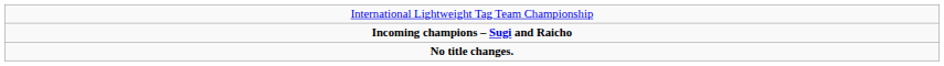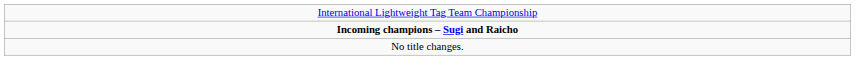 <table class="wikitable" style="text-align:center; width:100%;">
 <tr>
 <td style="text-align: center;"><a href='#'>International Lightweight Tag Team Championship</a></td>
 </tr>
 <tr>
 <td style="text-align: center;"><strong>Incoming champions – <a href='#'>Sugi</a> and Raicho</strong></td>
 </tr>
 <tr>
-<td><strong>No title changes.</strong></td>
+<td>No title changes.</td>
 </tr>
 </table>
